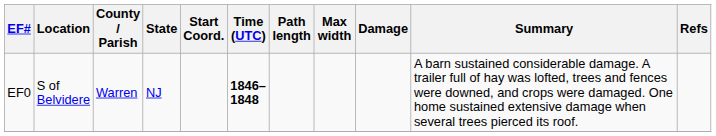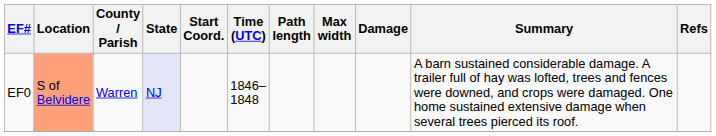 <table class="wikitable sortable" style="width:100%;">
 <tr>
 <th scope="col" width="3%" align="center"><a href='#'>EF#</a></th>
 <th scope="col" width="7%" align="center" class="unsortable">Location</th>
 <th scope="col" width="6%" align="center" class="unsortable">County / Parish</th>
 <th scope="col" width="5%" align="center">State</th>
 <th scope="col" width="6%" align="center">Start Coord.</th>
 <th scope="col" width="6%" align="center">Time (<a href='#'>UTC</a>)</th>
 <th scope="col" width="6%" align="center">Path length</th>
 <th scope="col" width="6%" align="center">Max width</th>
 <th scope="col" width="6%" align="center">Damage</th>
 <th scope="col" width="48%" class="unsortable" align="center">Summary</th>
 <th scope="col" width="48%" class="unsortable" align="center">Refs</th>
 </tr>
 <tr>
 <td>EF0</td>
-<td>S of <a href='#'>Belvidere</a></td>
+<td style="background: lightsalmon;">S of <a href='#'>Belvidere</a></td>
 <td><a href='#'>Warren</a></td>
-<td><a href='#'>NJ</a></td>
+<td style="background: lavender;"><a href='#'>NJ</a></td>
 <td></td>
-<td><strong>1846–1848</strong></td>
+<td>1846–1848</td>
 <td></td>
 <td></td>
 <td></td>
 <td>A barn sustained considerable damage. A trailer full of hay was lofted, trees and fences were downed, and crops were damaged. One home sustained extensive damage when several trees pierced its roof.</td>
 <td></td>
 </tr>
 <tr>
 </tr>
 </table>
